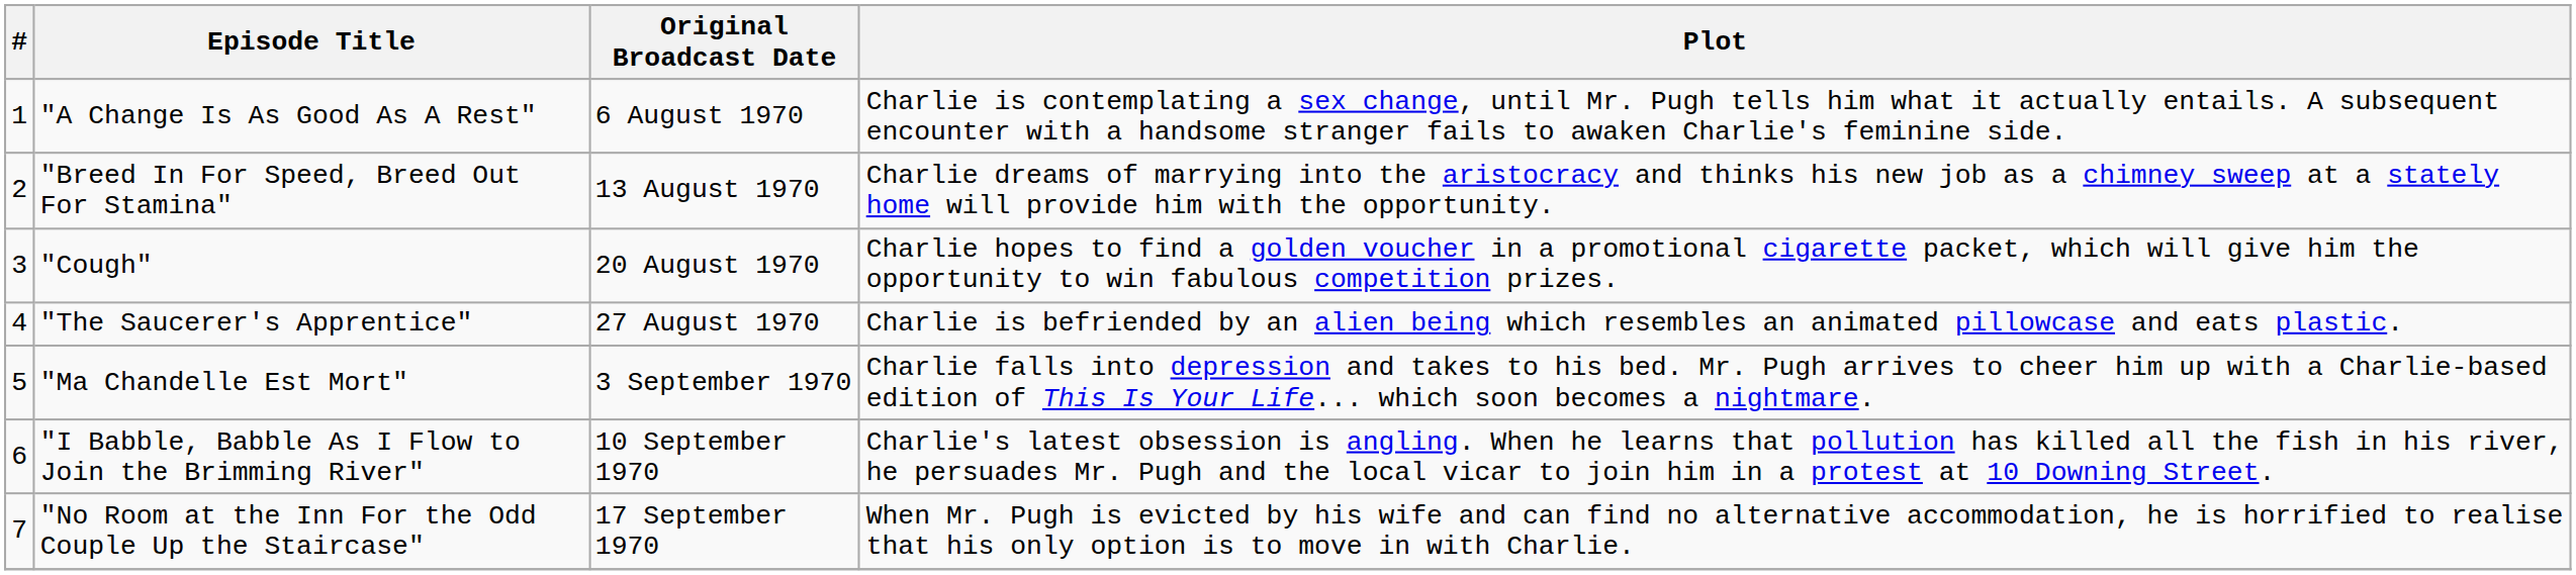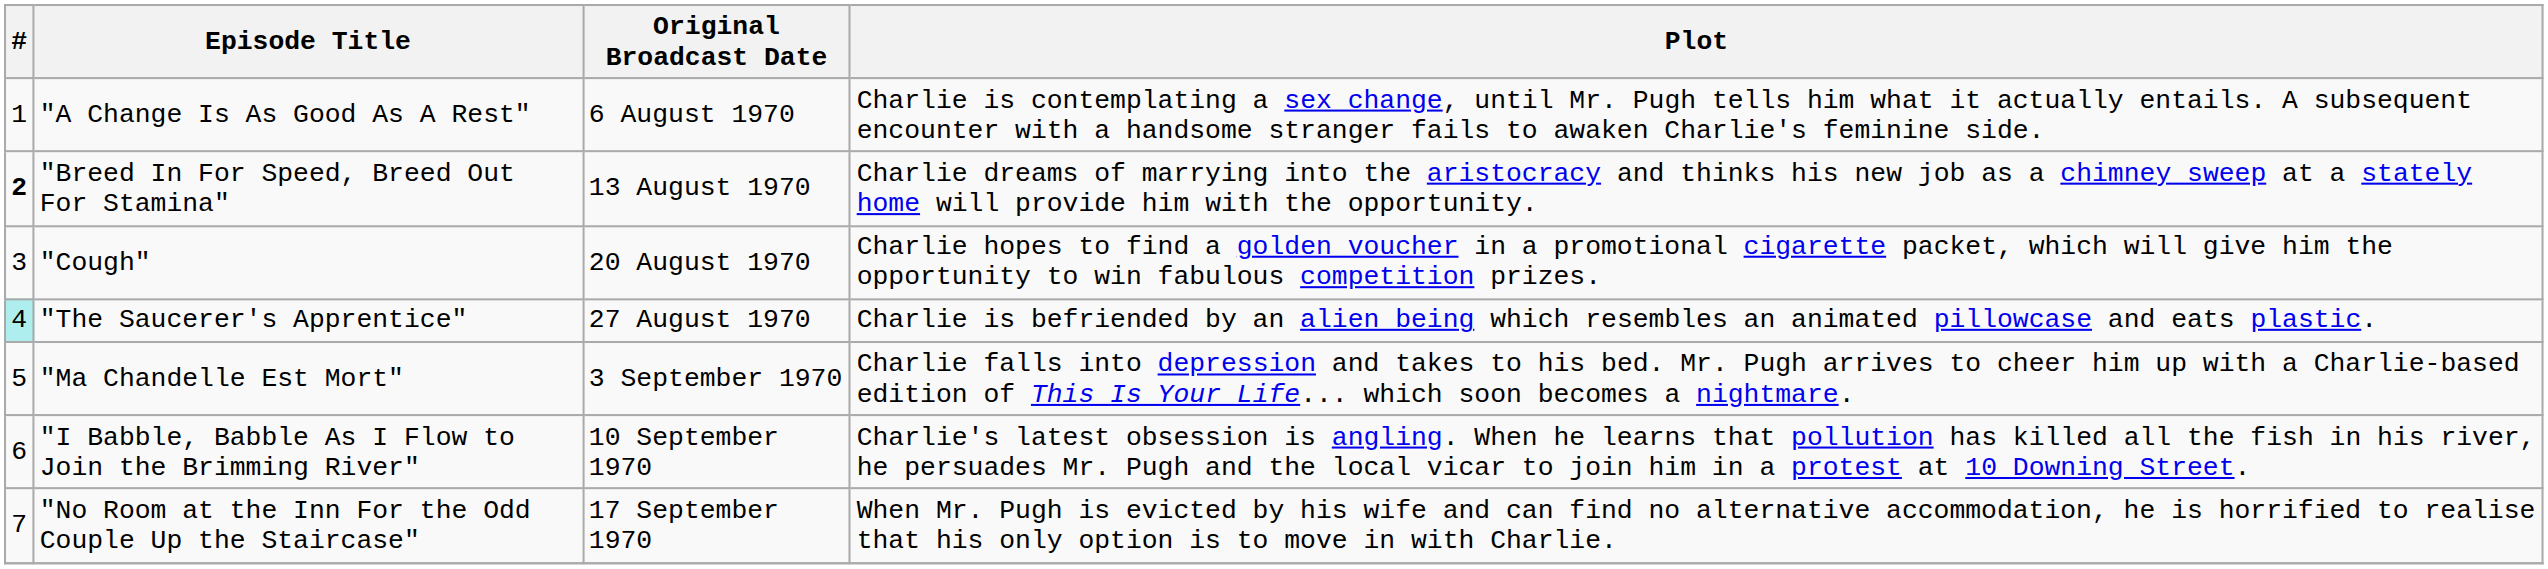 <table class="wikitable">
 <tr>
 <th>#</th>
 <th>Episode Title</th>
 <th>Original Broadcast Date</th>
 <th>Plot</th>
 </tr>
 <tr>
 <td>1</td>
 <td>"A Change Is As Good As A Rest"</td>
 <td>6 August 1970</td>
 <td>Charlie is contemplating a <a href='#'>sex change</a>, until Mr. Pugh tells him what it actually entails. A subsequent encounter with a handsome stranger fails to awaken Charlie's feminine side.</td>
 </tr>
 <tr>
-<td>2</td>
+<td><strong>2</strong></td>
 <td>"Breed In For Speed, Breed Out For Stamina"</td>
 <td>13 August 1970</td>
 <td>Charlie dreams of marrying into the <a href='#'>aristocracy</a> and thinks his new job as a <a href='#'>chimney sweep</a> at a <a href='#'>stately home</a> will provide him with the opportunity.</td>
 </tr>
 <tr>
 <td>3</td>
 <td>"Cough"</td>
 <td>20 August 1970</td>
 <td>Charlie hopes to find a <a href='#'>golden voucher</a> in a promotional <a href='#'>cigarette</a> packet, which will give him the opportunity to win fabulous <a href='#'>competition</a> prizes.</td>
 </tr>
 <tr>
-<td>4</td>
+<td style="background: paleturquoise;">4</td>
 <td>"The Saucerer's Apprentice"</td>
 <td>27 August 1970</td>
 <td>Charlie is befriended by an <a href='#'>alien being</a> which resembles an animated <a href='#'>pillowcase</a> and eats <a href='#'>plastic</a>.</td>
 </tr>
 <tr>
 <td>5</td>
 <td>"Ma Chandelle Est Mort"</td>
 <td>3 September 1970</td>
 <td>Charlie falls into <a href='#'>depression</a> and takes to his bed. Mr. Pugh arrives to cheer him up with a Charlie-based edition of <em><a href='#'>This Is Your Life</a></em>... which soon becomes a <a href='#'>nightmare</a>.</td>
 </tr>
 <tr>
 <td>6</td>
 <td>"I Babble, Babble As I Flow to Join the Brimming River"</td>
 <td>10 September 1970</td>
 <td>Charlie's latest obsession is <a href='#'>angling</a>. When he learns that <a href='#'>pollution</a> has killed all the fish in his river, he persuades Mr. Pugh and the local vicar to join him in a <a href='#'>protest</a> at <a href='#'>10 Downing Street</a>.</td>
 </tr>
 <tr>
 <td>7</td>
 <td>"No Room at the Inn For the Odd Couple Up the Staircase"</td>
 <td>17 September 1970</td>
 <td>When Mr. Pugh is evicted by his wife and can find no alternative accommodation, he is horrified to realise that his only option is to move in with Charlie.</td>
 </tr>
 <tr>
 </tr>
 </table>
